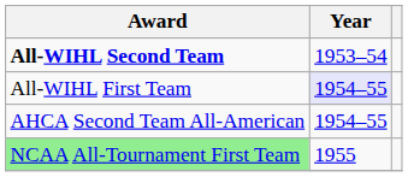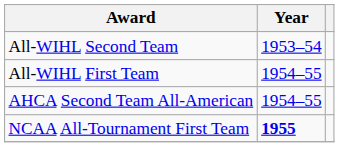 <table class="wikitable">
 <tr>
 <th>Award</th>
 <th>Year</th>
 <th></th>
 </tr>
 <tr>
-<td><strong>All-<a href='#'>WIHL</a> <a href='#'>Second Team</a></strong></td>
+<td>All-<a href='#'>WIHL</a> <a href='#'>Second Team</a></td>
 <td><a href='#'>1953–54</a></td>
 <td></td>
 </tr>
 <tr>
 <td>All-<a href='#'>WIHL</a> <a href='#'>First Team</a></td>
-<td style="background: lavender;"><a href='#'>1954–55</a></td>
+<td><a href='#'>1954–55</a></td>
 <td></td>
 </tr>
 <tr>
 <td><a href='#'>AHCA</a> <a href='#'>Second Team All-American</a></td>
 <td><a href='#'>1954–55</a></td>
 <td></td>
 </tr>
 <tr>
-<td style="background: lightgreen;"><a href='#'>NCAA</a> <a href='#'>All-Tournament First Team</a></td>
-<td><a href='#'>1955</a></td>
+<td><a href='#'>NCAA</a> <a href='#'>All-Tournament First Team</a></td>
+<td><strong><a href='#'>1955</a></strong></td>
 <td></td>
 </tr>
 <tr>
 </tr>
 </table>
